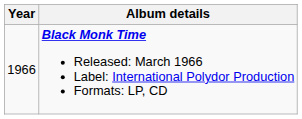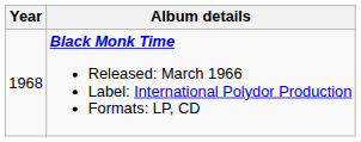 <table class="wikitable">
 <tr>
 <th>Year</th>
 <th>Album details</th>
 </tr>
 <tr>
-<td>1966</td>
+<td>1968</td>
 <td><strong><em><a href='#'>Black Monk Time</a></em></strong><br><ul><li>Released: March 1966</li><li>Label: <a href='#'>International Polydor Production</a> </li><li>Formats: LP, CD</li></ul></td>
 </tr>
 </table>
